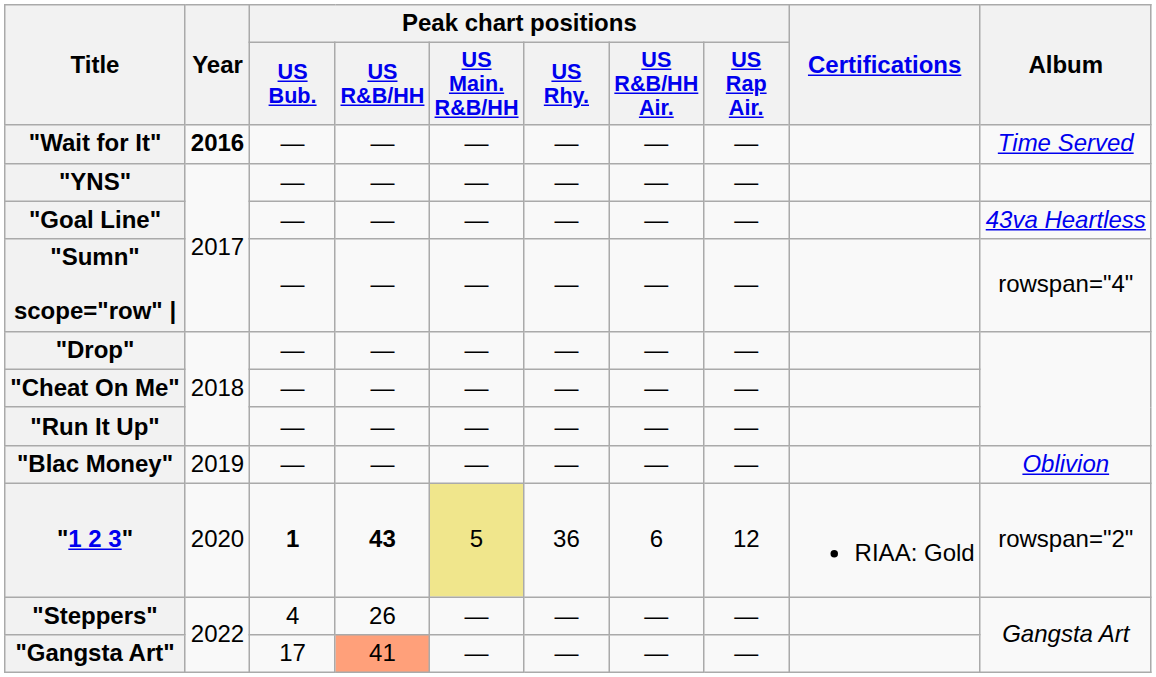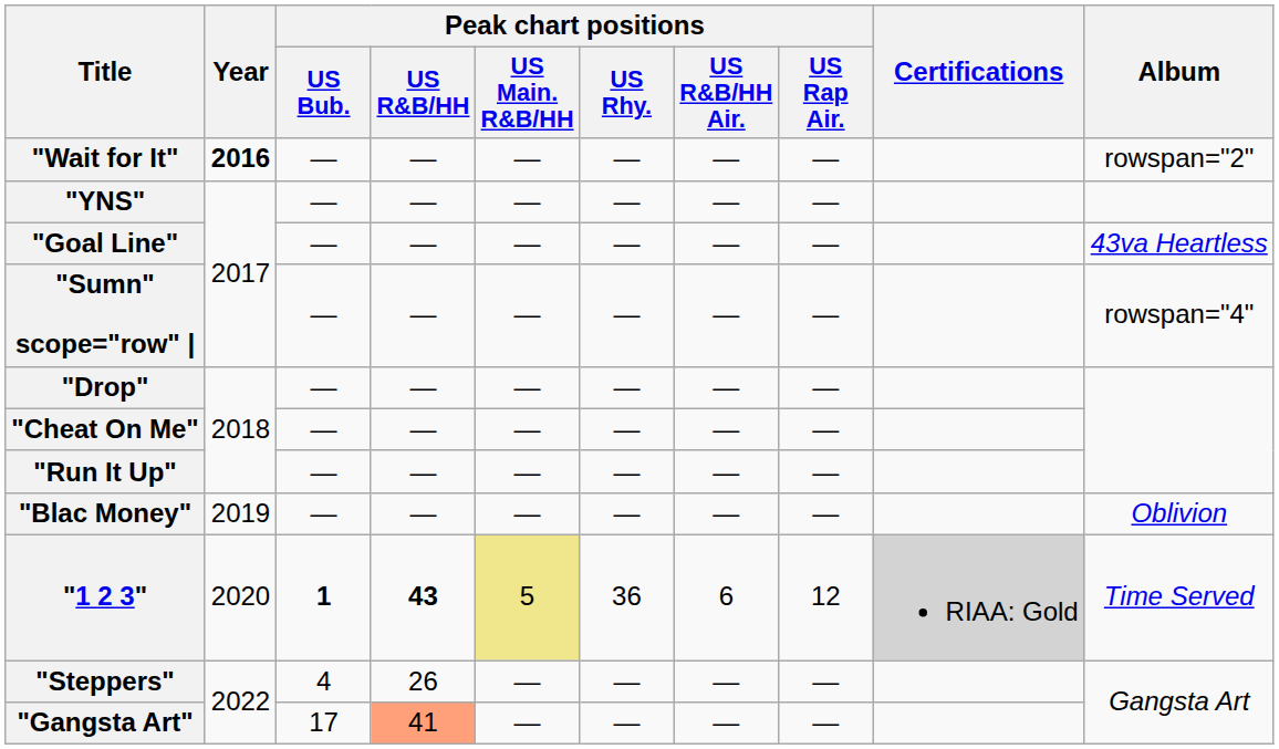 <table class="wikitable plainrowheaders" style="text-align:center;">
 <tr>
 <th rowspan="2">Title</th>
 <th rowspan="2">Year</th>
 <th colspan="6">Peak chart positions</th>
 <th rowspan="2"><a href='#'>Certifications</a></th>
 <th rowspan="2">Album</th>
 </tr>
 <tr>
 <th scope="col" style="width:3.5em;font-size:90%;"><a href='#'>US</a><br><a href='#'>Bub.</a><br></th>
 <th scope="col" style="width:3.5em;font-size:90%;"><a href='#'>US<br>R&B/HH</a><br></th>
 <th scope="col" style="width:3.5em;font-size:90%;"><a href='#'>US<br>Main.<br>R&B/HH</a><br></th>
 <th scope="col" style="width:3.5em;font-size:90%;"><a href='#'>US<br>Rhy.</a><br></th>
 <th scope="col" style="width:3.5em;font-size:90%;"><a href='#'>US<br>R&B/HH<br>Air.</a><br></th>
 <th scope="col" style="width:3.5em;font-size:90%;"><a href='#'>US<br>Rap<br>Air.</a><br></th>
 </tr>
 <tr>
 <th scope="row">"Wait for It"<br></th>
 <td><strong>2016</strong></td>
 <td>—</td>
 <td>—</td>
 <td>—</td>
 <td>—</td>
 <td>—</td>
 <td>—</td>
 <td></td>
-<td><em><a href='#'>Time Served</a></em></td>
+<td>rowspan="2" </td>
 </tr>
 <tr>
 <th scope="row">"YNS"<br></th>
 <td rowspan="3">2017</td>
 <td>—</td>
 <td>—</td>
 <td>—</td>
 <td>—</td>
 <td>—</td>
 <td>—</td>
 <td></td>
 </tr>
 <tr>
 <th scope="row">"Goal Line"<br></th>
 <td>—</td>
 <td>—</td>
 <td>—</td>
 <td>—</td>
 <td>—</td>
 <td>—</td>
 <td></td>
 <td><em><a href='#'>43va Heartless</a></em></td>
 </tr>
 <tr>
 <th scope="row">"Sumn"<br><br>scope="row" |</th>
 <td>—</td>
 <td>—</td>
 <td>—</td>
 <td>—</td>
 <td>—</td>
 <td>—</td>
 <td></td>
 <td>rowspan="4" </td>
 </tr>
 <tr>
 <th scope="row">"Drop"<br></th>
 <td rowspan="3">2018</td>
 <td>—</td>
 <td>—</td>
 <td>—</td>
 <td>—</td>
 <td>—</td>
 <td>—</td>
 <td></td>
 </tr>
 <tr>
 <th scope="row">"Cheat On Me"<br></th>
 <td>—</td>
 <td>—</td>
 <td>—</td>
 <td>—</td>
 <td>—</td>
 <td>—</td>
 <td></td>
 </tr>
 <tr>
 <th scope="row">"Run It Up"<br></th>
 <td>—</td>
 <td>—</td>
 <td>—</td>
 <td>—</td>
 <td>—</td>
 <td>—</td>
 <td></td>
 </tr>
 <tr>
 <th scope="row">"Blac Money"<br></th>
 <td>2019</td>
 <td>—</td>
 <td>—</td>
 <td>—</td>
 <td>—</td>
 <td>—</td>
 <td>—</td>
 <td></td>
 <td><em><a href='#'>Oblivion</a></em></td>
 </tr>
 <tr>
 <th scope="row">"<a href='#'>1 2 3</a>"<br></th>
 <td>2020</td>
 <td><strong>1</strong></td>
 <td><strong>43</strong></td>
 <td style="background: khaki;">5</td>
 <td>36</td>
 <td>6</td>
 <td>12</td>
-<td><br><ul><li>RIAA: Gold</li></ul></td>
-<td>rowspan="2" </td>
+<td style="background: lightgrey;"><br><ul><li>RIAA: Gold</li></ul></td>
+<td><em><a href='#'>Time Served</a></em></td>
 </tr>
 <tr>
 <th scope="row">"Steppers"<br></th>
 <td rowspan="2">2022</td>
 <td>4</td>
 <td>26</td>
 <td>—</td>
 <td>—</td>
 <td>—</td>
 <td>—</td>
 <td></td>
 <td rowspan="2"><em>Gangsta Art</em></td>
 </tr>
 <tr>
 <th scope="row">"Gangsta Art"<br></th>
 <td>17</td>
 <td style="background: lightsalmon;">41</td>
 <td>—</td>
 <td>—</td>
 <td>—</td>
 <td>—</td>
 <td></td>
 </tr>
 </table>
